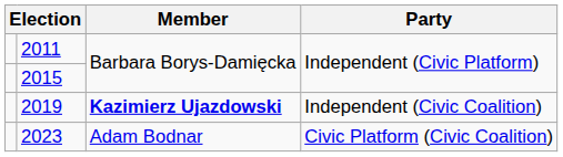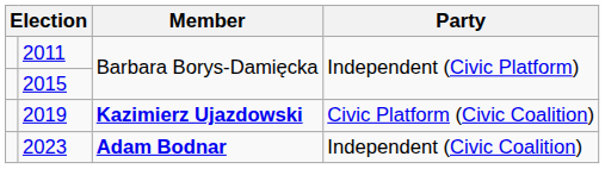 <table class="wikitable">
 <tr>
 <th colspan="2">Election</th>
 <th>Member</th>
 <th>Party</th>
 </tr>
 <tr>
 <td style="background-color: "></td>
 <td><a href='#'>2011</a></td>
 <td rowspan="2">Barbara Borys-Damięcka</td>
 <td rowspan="2">Independent (<a href='#'>Civic Platform</a>)</td>
 </tr>
 <tr>
 <td style="background-color: "></td>
 <td><a href='#'>2015</a></td>
 </tr>
 <tr>
 <td style="background-color: "></td>
 <td><a href='#'>2019</a></td>
 <td><strong><a href='#'>Kazimierz Ujazdowski</a></strong></td>
-<td>Independent (<a href='#'>Civic Coalition</a>)</td>
+<td><a href='#'>Civic Platform</a> (<a href='#'>Civic Coalition</a>)</td>
 </tr>
 <tr>
 <td style="background-color: "></td>
 <td><a href='#'>2023</a></td>
-<td><a href='#'>Adam Bodnar</a></td>
-<td><a href='#'>Civic Platform</a> (<a href='#'>Civic Coalition</a>)</td>
+<td><strong><a href='#'>Adam Bodnar</a></strong></td>
+<td>Independent (<a href='#'>Civic Coalition</a>)</td>
 </tr>
 </table>
